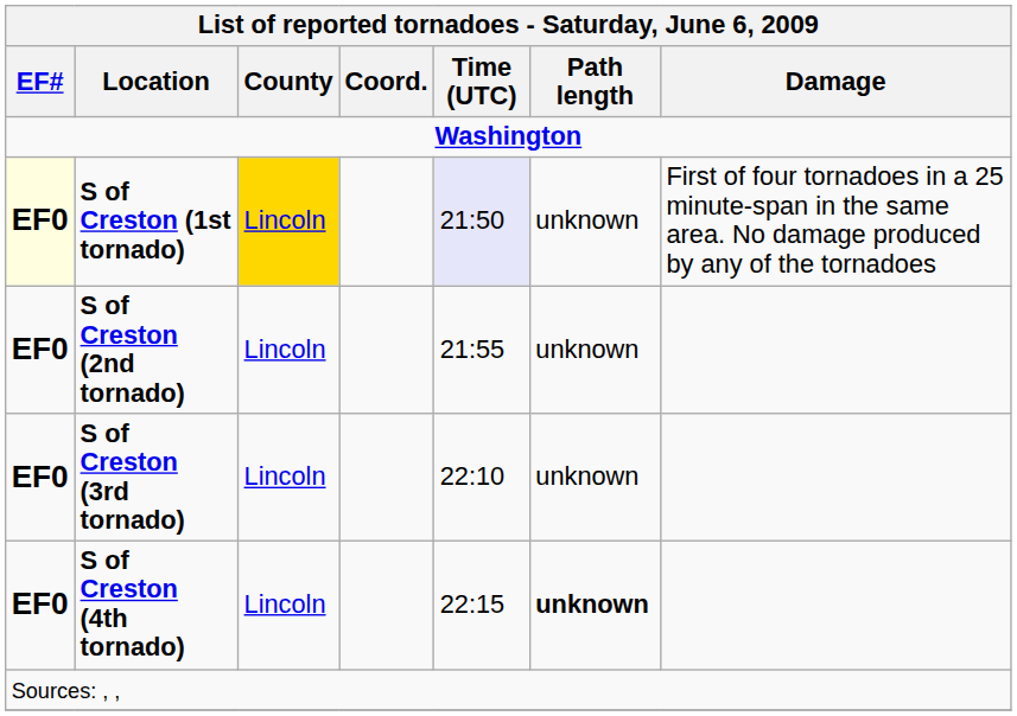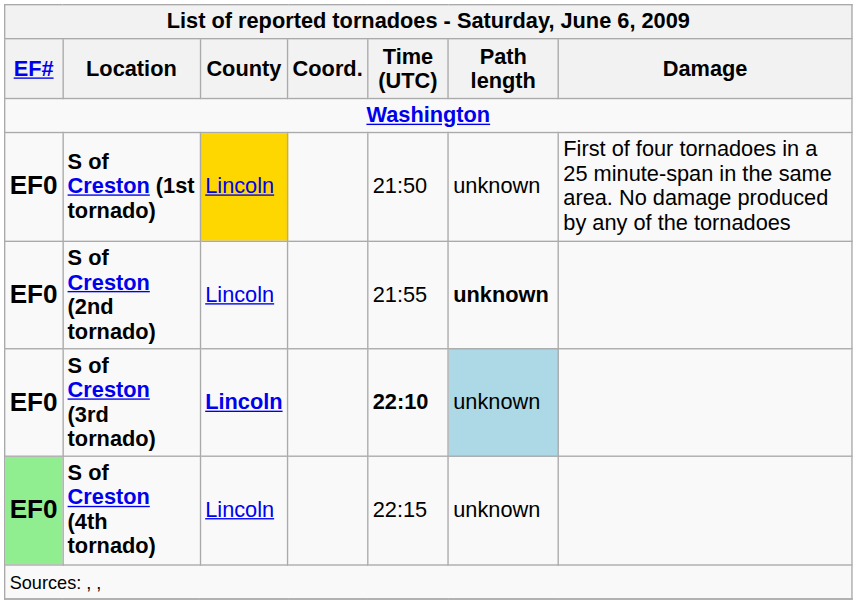 <table class="wikitable collapsible" width="100%">
 <tr>
 <th colspan="7">List of reported tornadoes - Saturday, June 6, 2009</th>
 </tr>
 <tr>
 <th><a href='#'>EF#</a></th>
 <th>Location</th>
 <th>County</th>
 <th>Coord.</th>
 <th>Time (UTC)</th>
 <th>Path length</th>
 <th>Damage</th>
 </tr>
 <tr>
 <td colspan="7" align=center><strong><a href='#'>Washington</a></strong></td>
 </tr>
 <tr>
-<td style="background: lightyellow;"><big><strong>EF0</strong></big></td>
+<td><big><strong>EF0</strong></big></td>
 <td><strong>S of <a href='#'>Creston</a> (1st tornado)</strong></td>
 <td style="background: gold;"><a href='#'>Lincoln</a></td>
 <td></td>
-<td style="background: lavender;">21:50</td>
+<td>21:50</td>
 <td>unknown</td>
 <td>First of four tornadoes in a 25 minute-span in the same area. No damage produced by any of the tornadoes</td>
 </tr>
 <tr>
 <td><big><strong>EF0</strong></big></td>
 <td><strong>S of <a href='#'>Creston</a> (2nd tornado)</strong></td>
 <td><a href='#'>Lincoln</a></td>
 <td></td>
 <td>21:55</td>
-<td>unknown</td>
+<td><strong>unknown</strong></td>
 <td></td>
 </tr>
 <tr>
 <td><big><strong>EF0</strong></big></td>
 <td><strong>S of <a href='#'>Creston</a> (3rd tornado)</strong></td>
-<td><a href='#'>Lincoln</a></td>
+<td><strong><a href='#'>Lincoln</a></strong></td>
 <td></td>
-<td>22:10</td>
-<td>unknown</td>
+<td><strong>22:10</strong></td>
+<td style="background: lightblue;">unknown</td>
 <td></td>
 </tr>
 <tr>
-<td><big><strong>EF0</strong></big></td>
+<td style="background: lightgreen;"><big><strong>EF0</strong></big></td>
 <td><strong>S of <a href='#'>Creston</a> (4th tornado)</strong></td>
 <td><a href='#'>Lincoln</a></td>
 <td></td>
 <td>22:15</td>
-<td><strong>unknown</strong></td>
+<td>unknown</td>
 <td></td>
 </tr>
 <tr>
 <td colspan="7"><small>Sources: , , </small></td>
 </tr>
 <tr>
 </tr>
 </table>
